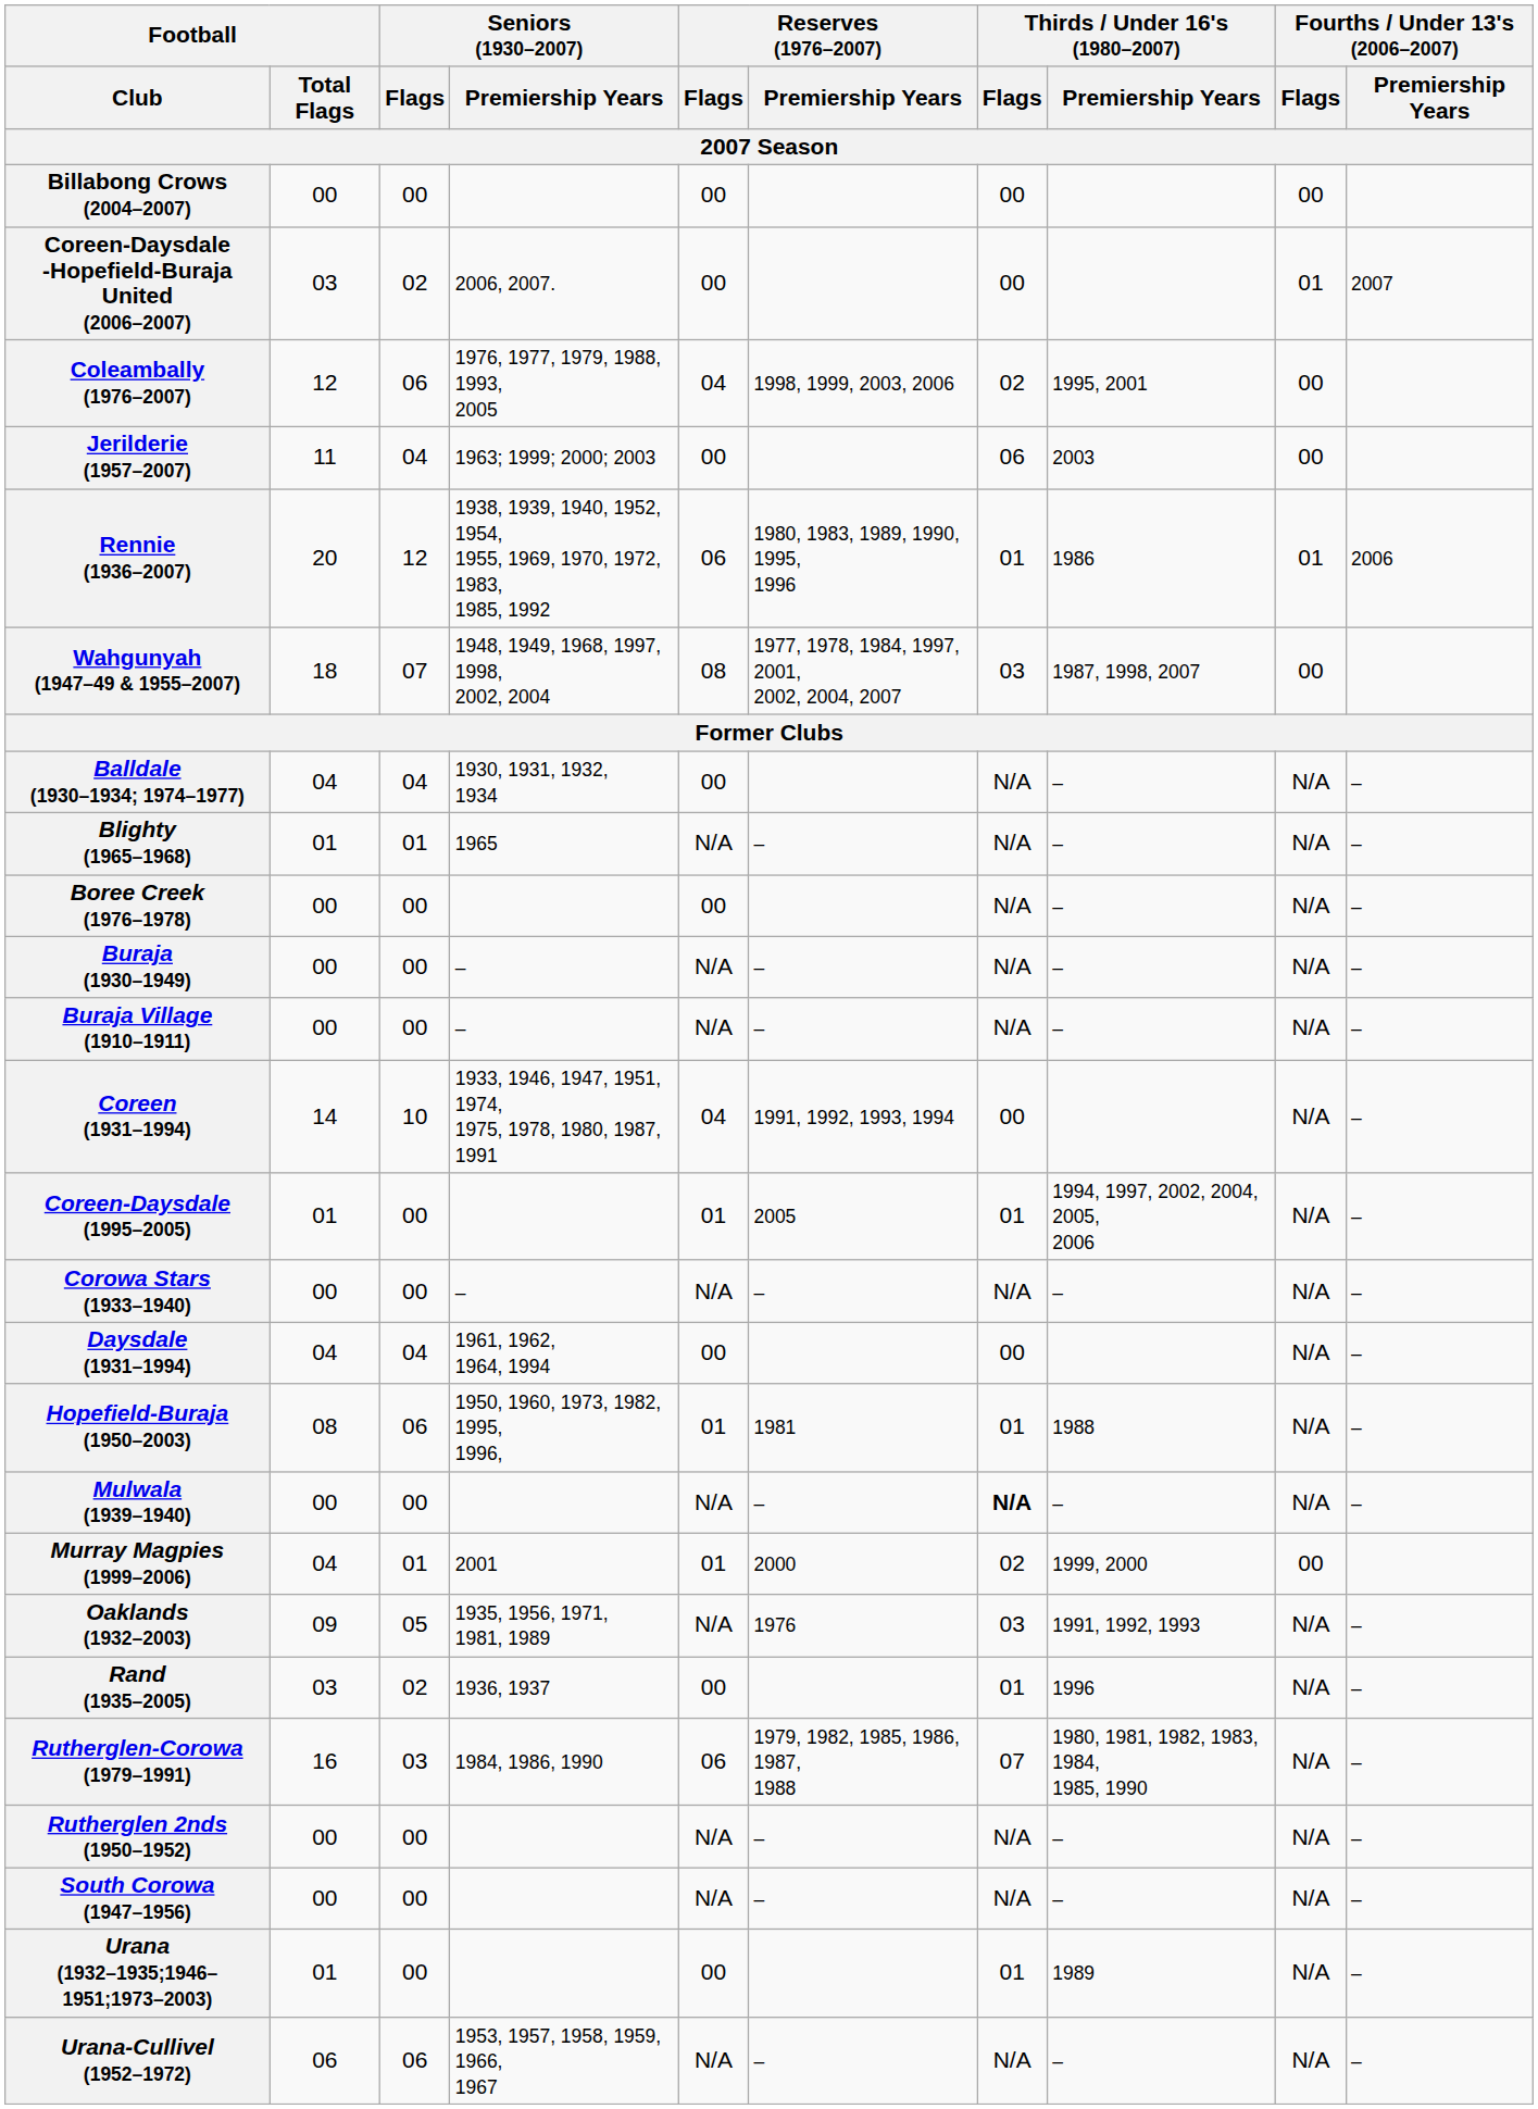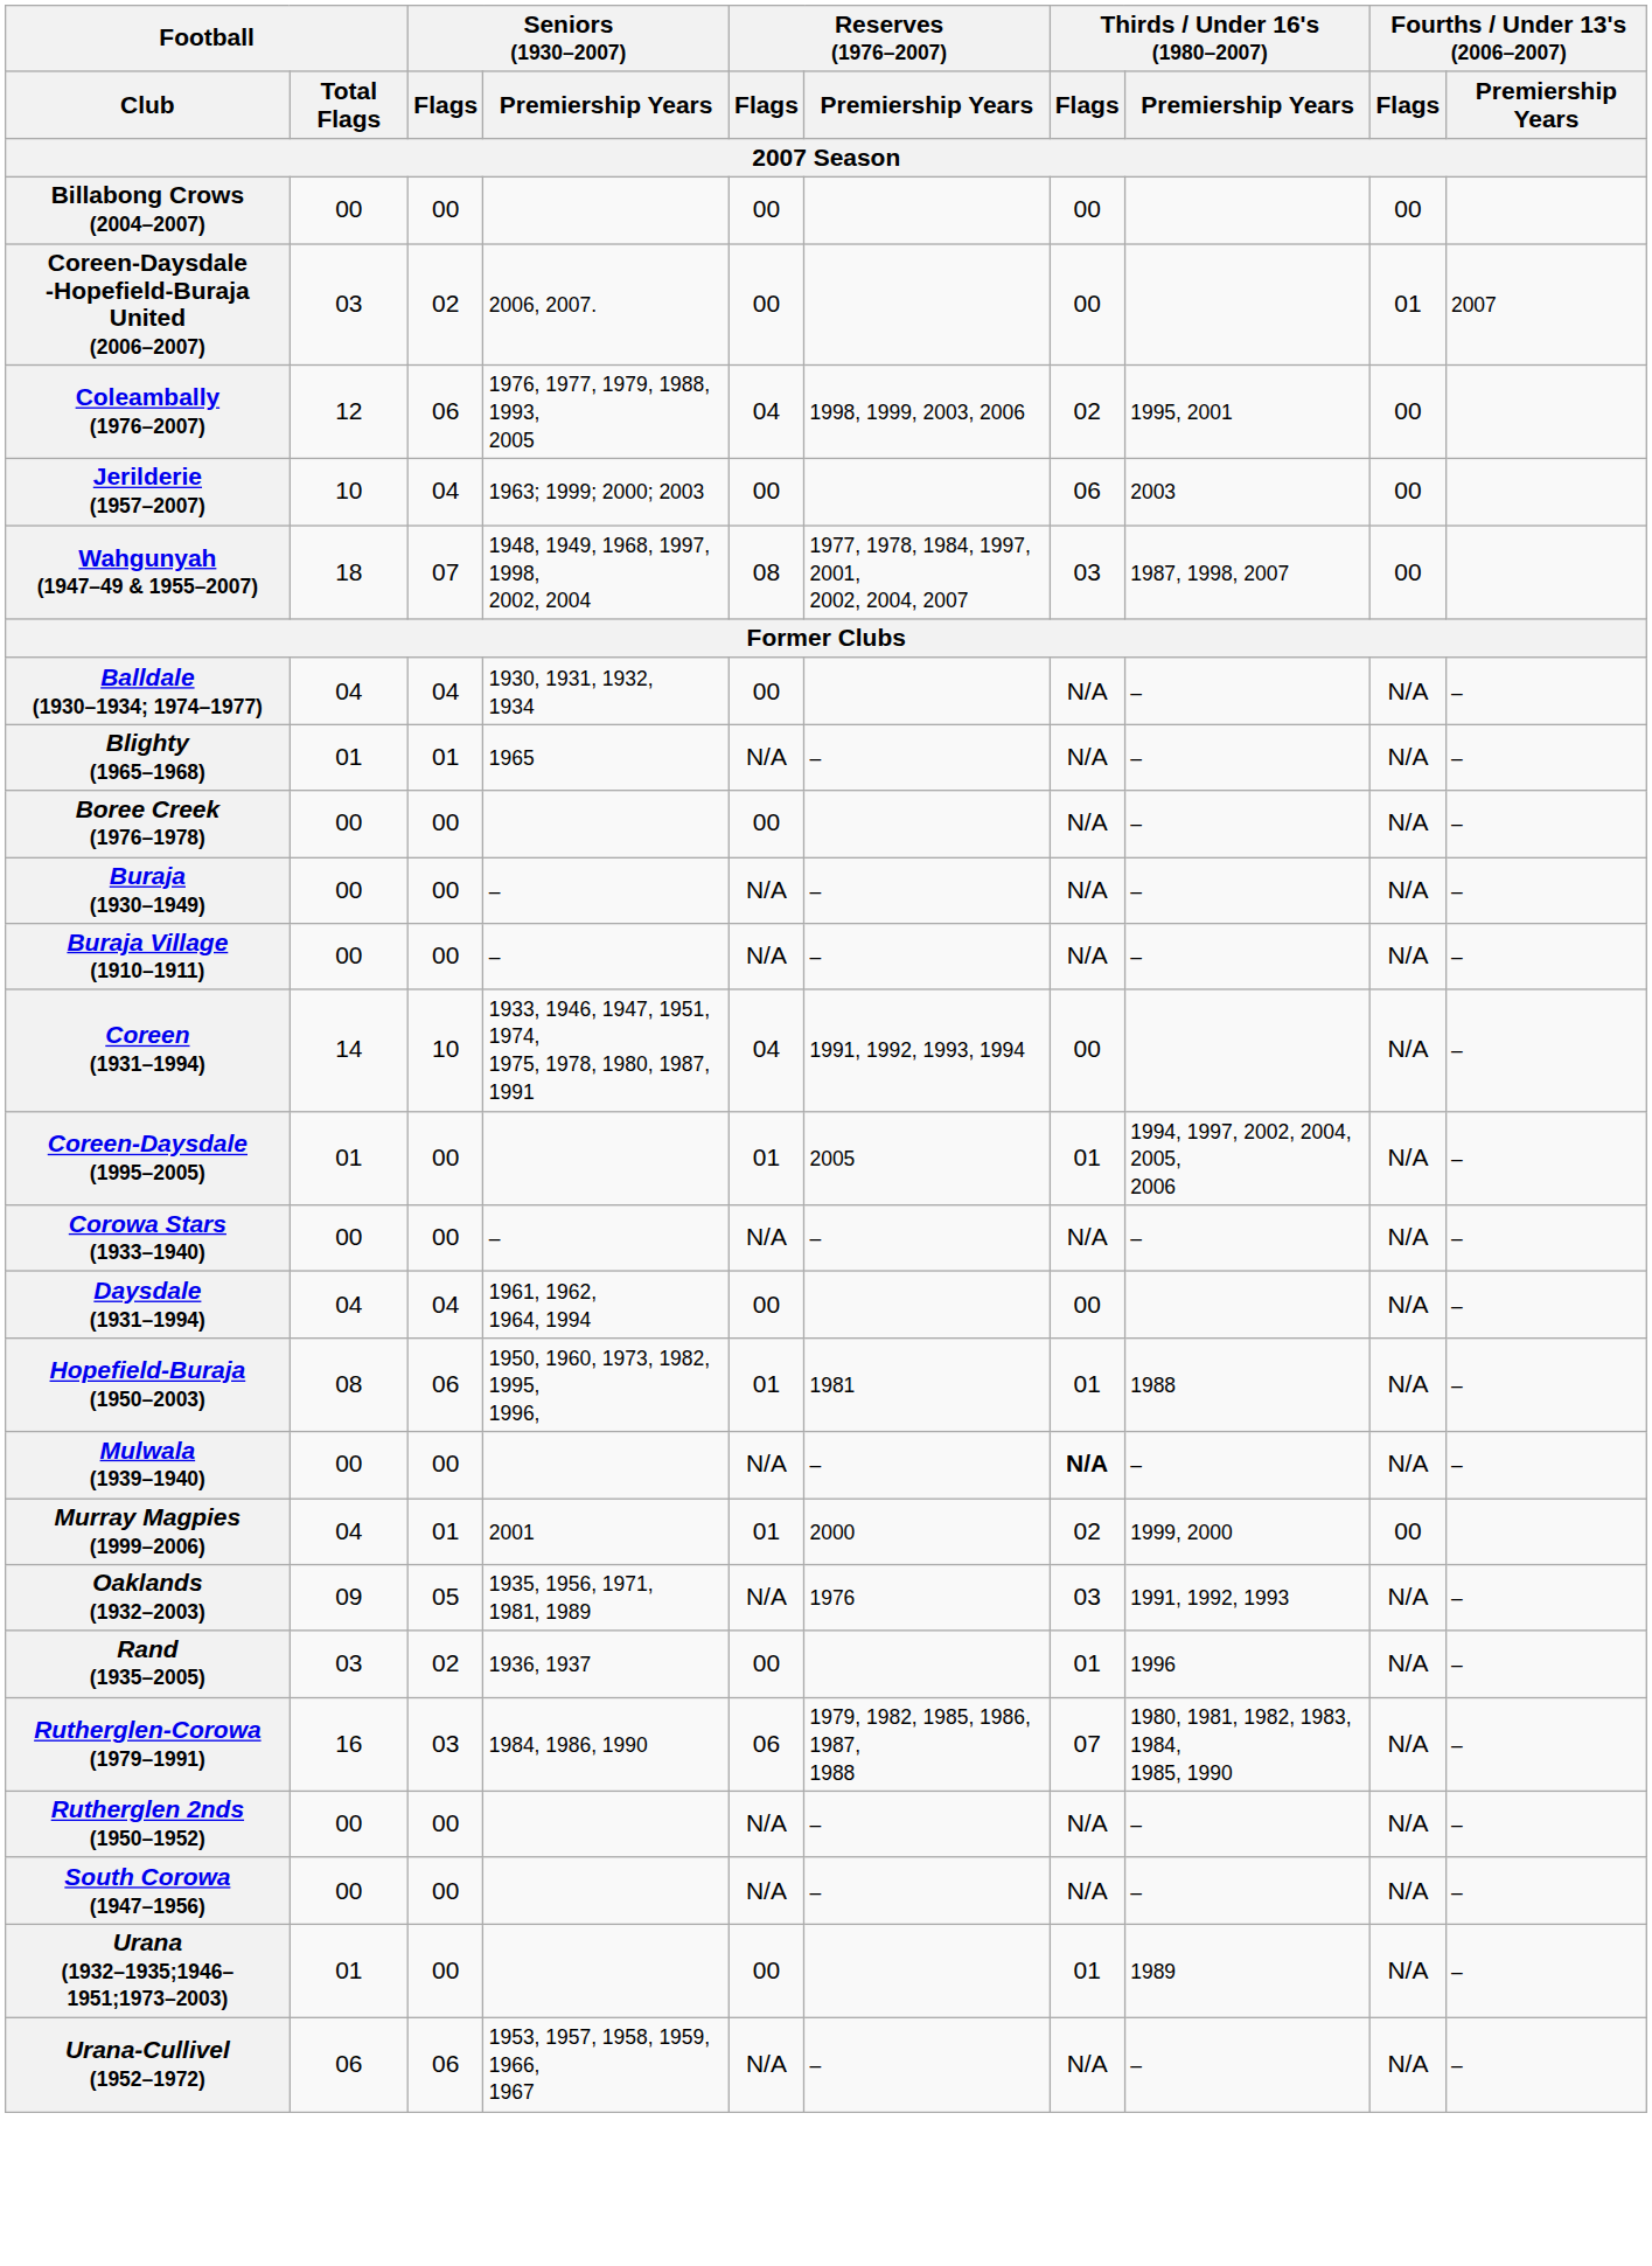 <table class="wikitable sortable" style="width:85%; text-align:left">
 <tr>
 <th colspan="2"><strong>Football</strong></th>
 <th colspan="2"><strong>Seniors</strong><br><small>(1930–2007)</small></th>
 <th colspan="2"><strong>Reserves</strong><br><small>(1976–2007)</small></th>
 <th colspan="2"><strong>Thirds / Under 16's</strong><br><small>(1980–2007)</small></th>
 <th colspan="2"><strong>Fourths / Under 13's</strong><br><small>(2006–2007)</small></th>
 </tr>
 <tr>
 <th>Club</th>
 <th>Total Flags</th>
 <th>Flags</th>
 <th>Premiership Years</th>
 <th>Flags</th>
 <th>Premiership Years</th>
 <th>Flags</th>
 <th>Premiership Years</th>
 <th>Flags</th>
 <th>Premiership Years</th>
 </tr>
 <tr>
 <th colspan="10"><strong>2007 Season</strong></th>
 </tr>
 <tr>
 <th><strong>Billabong Crows</strong><br><small>(2004–2007)</small></th>
 <td style="text-align:center;">00</td>
 <td style="text-align:center;">00</td>
 <td><small> </small></td>
 <td style="text-align:center;">00</td>
 <td><small> </small></td>
 <td style="text-align:center;">00</td>
 <td><small> </small></td>
 <td style="text-align:center;">00</td>
 <td><small> </small></td>
 </tr>
 <tr>
 <th><strong>Coreen-Daysdale<br>-Hopefield-Buraja<br> United</strong><br><small>(2006–2007)</small></th>
 <td style="text-align:center;">03</td>
 <td style="text-align:center;">02</td>
 <td><small>2006, 2007.</small></td>
 <td style="text-align:center;">00</td>
 <td><small> </small></td>
 <td style="text-align:center;">00</td>
 <td><small> </small></td>
 <td style="text-align:center;">01</td>
 <td><small>2007</small></td>
 </tr>
 <tr>
 <th><strong><a href='#'>Coleambally</a></strong><br><small>(1976–2007)</small></th>
 <td style="text-align:center;">12</td>
 <td style="text-align:center;">06</td>
 <td><small>1976, 1977, 1979, 1988, 1993,<br> 2005</small></td>
 <td style="text-align:center;">04</td>
 <td><small>1998, 1999, 2003, 2006</small></td>
 <td style="text-align:center;">02</td>
 <td><small>1995, 2001</small></td>
 <td style="text-align:center;">00</td>
 <td><small> </small></td>
 </tr>
 <tr>
 <th><strong><a href='#'>Jerilderie</a></strong><br><small>(1957–2007)</small></th>
-<td style="text-align:center;">11</td>
+<td style="text-align:center;">10</td>
 <td style="text-align:center;">04</td>
 <td><small>1963; 1999; 2000; 2003</small></td>
 <td style="text-align:center;">00</td>
 <td><small> </small></td>
 <td style="text-align:center;">06</td>
 <td><small>2003</small></td>
 <td style="text-align:center;">00</td>
 <td><small> </small></td>
-</tr>
-<tr>
-<th><strong><a href='#'>Rennie</a></strong><br><small>(1936–2007)</small></th>
-<td style="text-align:center;">20</td>
-<td style="text-align:center;">12</td>
-<td><small>1938, 1939, 1940, 1952, 1954,<br> 1955, 1969, 1970, 1972, 1983,<br> 1985, 1992</small></td>
-<td style="text-align:center;">06</td>
-<td><small>1980, 1983, 1989, 1990, 1995,<br> 1996</small></td>
-<td style="text-align:center;">01</td>
-<td><small>1986</small></td>
-<td style="text-align:center;">01</td>
-<td><small>2006</small></td>
 </tr>
 <tr>
 <th><strong><a href='#'>Wahgunyah</a></strong><br><small>(1947–49 & 1955–2007)</small></th>
 <td style="text-align:center;">18</td>
 <td style="text-align:center;">07</td>
 <td><small>1948, 1949, 1968, 1997, 1998,<br> 2002, 2004</small></td>
 <td style="text-align:center;">08</td>
 <td><small>1977, 1978, 1984, 1997, 2001,<br> 2002, 2004, 2007</small></td>
 <td style="text-align:center;">03</td>
 <td><small>1987, 1998, 2007</small></td>
 <td style="text-align:center;">00</td>
 <td><small> </small></td>
 </tr>
 <tr>
 <th colspan="10"><strong>Former Clubs</strong></th>
 </tr>
 <tr>
 <th><em><a href='#'>Balldale</a></em><br><small>(1930–1934; 1974–1977)</small></th>
 <td style="text-align:center;">04</td>
 <td style="text-align:center;">04</td>
 <td><small>1930, 1931, 1932,<br> 1934</small></td>
 <td style="text-align:center;">00</td>
 <td><small> </small></td>
 <td style="text-align:center;">N/A</td>
 <td><small> – </small></td>
 <td style="text-align:center;">N/A</td>
 <td><small> – </small></td>
 </tr>
 <tr>
 <th><em>Blighty</em><br><small>(1965–1968)</small></th>
 <td style="text-align:center;">01</td>
 <td style="text-align:center;">01</td>
 <td><small>1965</small></td>
 <td style="text-align:center;">N/A</td>
 <td><small> – </small></td>
 <td style="text-align:center;">N/A</td>
 <td><small> – </small></td>
 <td style="text-align:center;">N/A</td>
 <td><small> – </small></td>
 </tr>
 <tr>
 <th><em>Boree Creek</em><br><small>(1976–1978)</small></th>
 <td style="text-align:center;">00</td>
 <td style="text-align:center;">00</td>
 <td><small> </small></td>
 <td style="text-align:center;">00</td>
 <td><small> </small></td>
 <td style="text-align:center;">N/A</td>
 <td><small> – </small></td>
 <td style="text-align:center;">N/A</td>
 <td><small> – </small></td>
 </tr>
 <tr>
 <th><em><a href='#'>Buraja</a></em><br><small>(1930–1949)</small></th>
 <td style="text-align:center;">00</td>
 <td style="text-align:center;">00</td>
 <td><small> – </small></td>
 <td style="text-align:center;">N/A</td>
 <td><small> – </small></td>
 <td style="text-align:center;">N/A</td>
 <td><small> – </small></td>
 <td style="text-align:center;">N/A</td>
 <td><small> – </small></td>
 </tr>
 <tr>
 <th><em><a href='#'>Buraja Village</a></em><br><small>(1910–1911)</small></th>
 <td style="text-align:center;">00</td>
 <td style="text-align:center;">00</td>
 <td><small> – </small></td>
 <td style="text-align:center;">N/A</td>
 <td><small> – </small></td>
 <td style="text-align:center;">N/A</td>
 <td><small> – </small></td>
 <td style="text-align:center;">N/A</td>
 <td><small> – </small></td>
 </tr>
 <tr>
 <th><em><a href='#'>Coreen</a></em><br><small>(1931–1994)</small></th>
 <td style="text-align:center;">14</td>
 <td style="text-align:center;">10</td>
 <td><small>1933, 1946, 1947, 1951, 1974,<br> 1975, 1978, 1980, 1987, 1991</small></td>
 <td style="text-align:center;">04</td>
 <td><small>1991, 1992, 1993, 1994</small></td>
 <td style="text-align:center;">00</td>
 <td><small> </small></td>
 <td style="text-align:center;">N/A</td>
 <td><small> – </small></td>
 </tr>
 <tr>
 <th><em><a href='#'>Coreen-Daysdale</a></em><br><small>(1995–2005)</small></th>
 <td style="text-align:center;">01</td>
 <td style="text-align:center;">00</td>
 <td><small> </small></td>
 <td style="text-align:center;">01</td>
 <td><small>2005</small></td>
 <td style="text-align:center;">01</td>
 <td><small>1994, 1997, 2002, 2004, 2005,<br> 2006</small></td>
 <td style="text-align:center;">N/A</td>
 <td><small> – </small></td>
 </tr>
 <tr>
 <th><em><a href='#'>Corowa Stars</a></em><br><small>(1933–1940)</small></th>
 <td style="text-align:center;">00</td>
 <td style="text-align:center;">00</td>
 <td><small> – </small></td>
 <td style="text-align:center;">N/A</td>
 <td><small> – </small></td>
 <td style="text-align:center;">N/A</td>
 <td><small> – </small></td>
 <td style="text-align:center;">N/A</td>
 <td><small> – </small></td>
 </tr>
 <tr>
 <th><em><a href='#'>Daysdale</a></em><br><small>(1931–1994)</small></th>
 <td style="text-align:center;">04</td>
 <td style="text-align:center;">04</td>
 <td><small>1961, 1962,<br> 1964, 1994</small></td>
 <td style="text-align:center;">00</td>
 <td><small> </small></td>
 <td style="text-align:center;">00</td>
 <td><small> </small></td>
 <td style="text-align:center;">N/A</td>
 <td><small> – </small></td>
 </tr>
 <tr>
 <th><em><a href='#'>Hopefield-Buraja</a></em><br><small>(1950–2003)</small></th>
 <td style="text-align:center;">08</td>
 <td style="text-align:center;">06</td>
 <td><small>1950, 1960, 1973, 1982, 1995,<br> 1996, </small></td>
 <td style="text-align:center;">01</td>
 <td><small>1981</small></td>
 <td style="text-align:center;">01</td>
 <td><small>1988</small></td>
 <td style="text-align:center;">N/A</td>
 <td><small> – </small></td>
 </tr>
 <tr>
 <th><em><a href='#'>Mulwala</a></em><br><small>(1939–1940)</small></th>
 <td style="text-align:center;">00</td>
 <td style="text-align:center;">00</td>
 <td><small> </small></td>
 <td style="text-align:center;">N/A</td>
 <td><small> – </small></td>
 <td style="text-align:center;"><strong>N/A</strong></td>
 <td><small> – </small></td>
 <td style="text-align:center;">N/A</td>
 <td><small> – </small></td>
 </tr>
 <tr>
 <th><em>Murray Magpies</em><br><small>(1999–2006)</small></th>
 <td style="text-align:center;">04</td>
 <td style="text-align:center;">01</td>
 <td><small>2001</small></td>
 <td style="text-align:center;">01</td>
 <td><small>2000</small></td>
 <td style="text-align:center;">02</td>
 <td><small>1999, 2000</small></td>
 <td style="text-align:center;">00</td>
 <td><small> </small></td>
 </tr>
 <tr>
 <th><em>Oaklands</em><br><small>(1932–2003)</small></th>
 <td style="text-align:center;">09</td>
 <td style="text-align:center;">05</td>
 <td><small>1935, 1956, 1971,<br> 1981, 1989</small></td>
 <td style="text-align:center;">N/A</td>
 <td><small>1976</small></td>
 <td style="text-align:center;">03</td>
 <td><small>1991, 1992, 1993</small></td>
 <td style="text-align:center;">N/A</td>
 <td><small> – </small></td>
 </tr>
 <tr>
 <th><em>Rand</em><br><small>(1935–2005)</small></th>
 <td style="text-align:center;">03</td>
 <td style="text-align:center;">02</td>
 <td><small>1936, 1937</small></td>
 <td style="text-align:center;">00</td>
 <td><small> </small></td>
 <td style="text-align:center;">01</td>
 <td><small>1996</small></td>
 <td style="text-align:center;">N/A</td>
 <td><small> – </small></td>
 </tr>
 <tr>
 <th><em><a href='#'>Rutherglen-Corowa</a></em><br><small>(1979–1991)</small></th>
 <td style="text-align:center;">16</td>
 <td style="text-align:center;">03</td>
 <td><small>1984, 1986, 1990</small></td>
 <td style="text-align:center;">06</td>
 <td><small>1979, 1982, 1985, 1986, 1987,<br> 1988</small></td>
 <td style="text-align:center;">07</td>
 <td><small>1980, 1981, 1982, 1983, 1984,<br>1985, 1990</small></td>
 <td style="text-align:center;">N/A</td>
 <td><small> – </small></td>
 </tr>
 <tr>
 <th><em><a href='#'>Rutherglen 2nds</a></em><br><small>(1950–1952)</small></th>
 <td style="text-align:center;">00</td>
 <td style="text-align:center;">00</td>
 <td><small> </small></td>
 <td style="text-align:center;">N/A</td>
 <td><small> – </small></td>
 <td style="text-align:center;">N/A</td>
 <td><small> – </small></td>
 <td style="text-align:center;">N/A</td>
 <td><small> – </small></td>
 </tr>
 <tr>
 <th><em><a href='#'>South Corowa</a></em><br><small>(1947–1956)</small></th>
 <td style="text-align:center;">00</td>
 <td style="text-align:center;">00</td>
 <td><small> </small></td>
 <td style="text-align:center;">N/A</td>
 <td><small> – </small></td>
 <td style="text-align:center;">N/A</td>
 <td><small> – </small></td>
 <td style="text-align:center;">N/A</td>
 <td><small> – </small></td>
 </tr>
 <tr>
 <th><em>Urana</em><br><small>(1932–1935;1946–1951;1973–2003)</small></th>
 <td style="text-align:center;">01</td>
 <td style="text-align:center;">00</td>
 <td><small> </small></td>
 <td style="text-align:center;">00</td>
 <td><small> </small></td>
 <td style="text-align:center;">01</td>
 <td><small>1989</small></td>
 <td style="text-align:center;">N/A</td>
 <td><small> – </small></td>
 </tr>
 <tr>
 <th><em>Urana-Cullivel</em><br><small>(1952–1972)</small></th>
 <td style="text-align:center;">06</td>
 <td style="text-align:center;">06</td>
 <td><small>1953, 1957, 1958, 1959, 1966,<br>1967</small></td>
 <td style="text-align:center;">N/A</td>
 <td><small> – </small></td>
 <td style="text-align:center;">N/A</td>
 <td><small> – </small></td>
 <td style="text-align:center;">N/A</td>
 <td><small> – </small></td>
 </tr>
 <tr>
 </tr>
 </table>
